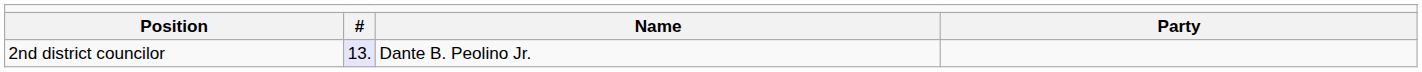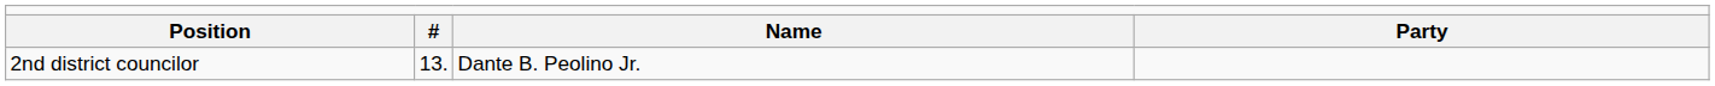 <table class=wikitable style="font-size:95%" width=99%>
 <tr>
 <td colspan="5"></td>
 </tr>
 <tr>
 <th width=24%>Position</th>
 <th width=1%>#</th>
 <th width=40%>Name</th>
 <th colspan=2>Party</th>
 </tr>
 <tr>
 <td>2nd district councilor</td>
-<td style="background: lavender;">13.</td>
+<td>13.</td>
 <td>Dante B. Peolino Jr.</td>
 <td></td>
 </tr>
 </table>
